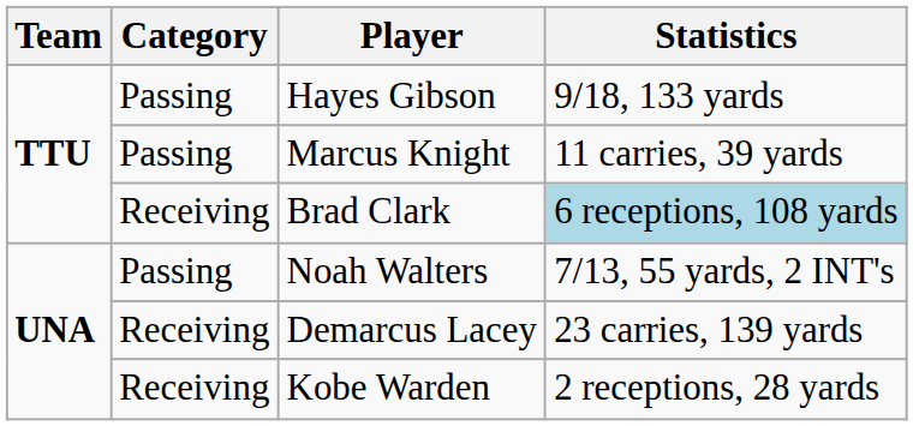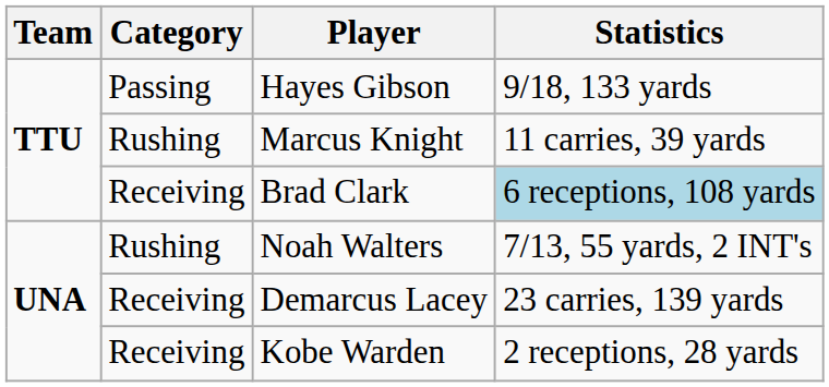 <table class="wikitable" style="float: right;">
 <tr>
 <th>Team</th>
 <th>Category</th>
 <th>Player</th>
 <th>Statistics</th>
 </tr>
 <tr>
 <td rowspan=3><strong>TTU</strong></td>
 <td>Passing</td>
 <td>Hayes Gibson</td>
 <td>9/18, 133 yards</td>
 </tr>
 <tr>
-<td>Passing</td>
+<td>Rushing</td>
 <td>Marcus Knight</td>
 <td>11 carries, 39 yards</td>
 </tr>
 <tr>
 <td>Receiving</td>
 <td>Brad Clark</td>
 <td style="background: lightblue;">6 receptions, 108 yards</td>
 </tr>
 <tr>
 <td rowspan=3><strong>UNA</strong></td>
-<td>Passing</td>
+<td>Rushing</td>
 <td>Noah Walters</td>
 <td>7/13, 55 yards, 2 INT's</td>
 </tr>
 <tr>
 <td>Receiving</td>
 <td>Demarcus Lacey</td>
 <td>23 carries, 139 yards</td>
 </tr>
 <tr>
 <td>Receiving</td>
 <td>Kobe Warden</td>
 <td>2 receptions, 28 yards</td>
 </tr>
 </table>
